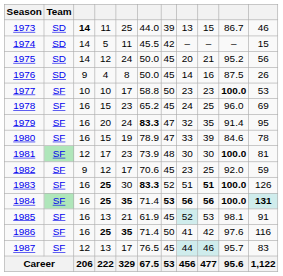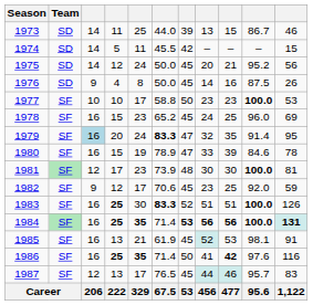 <table class="wikitable" style="text-align:center;">
 <tr>
 <th>Season</th>
 <th>Team</th>
 <th></th>
 <th></th>
 <th></th>
 <th></th>
 <th></th>
 <th></th>
 <th></th>
 <th></th>
 <th></th>
 </tr>
 <tr>
 <td><a href='#'>1973</a></td>
 <td><a href='#'>SD</a></td>
-<td><strong>14</strong></td>
+<td>14</td>
 <td>11</td>
 <td>25</td>
 <td>44.0</td>
 <td>39</td>
 <td>13</td>
 <td>15</td>
 <td>86.7</td>
 <td>46</td>
 </tr>
 <tr>
 <td><a href='#'>1974</a></td>
 <td><a href='#'>SD</a></td>
 <td>14</td>
 <td>5</td>
 <td>11</td>
 <td>45.5</td>
 <td>42</td>
 <td>–</td>
 <td>–</td>
 <td>–</td>
 <td>15</td>
 </tr>
 <tr>
 <td><a href='#'>1975</a></td>
 <td><a href='#'>SD</a></td>
 <td>14</td>
 <td>12</td>
 <td>24</td>
 <td>50.0</td>
 <td>45</td>
 <td>20</td>
 <td>21</td>
 <td>95.2</td>
 <td>56</td>
 </tr>
 <tr>
 <td><a href='#'>1976</a></td>
 <td><a href='#'>SD</a></td>
 <td>9</td>
 <td>4</td>
 <td>8</td>
 <td>50.0</td>
 <td>45</td>
 <td>14</td>
 <td>16</td>
 <td>87.5</td>
 <td>26</td>
 </tr>
 <tr>
 <td><a href='#'>1977</a></td>
 <td><a href='#'>SF</a></td>
 <td>10</td>
 <td>10</td>
 <td>17</td>
 <td>58.8</td>
 <td>50</td>
 <td>23</td>
 <td>23</td>
 <td><strong>100.0</strong></td>
 <td>53</td>
 </tr>
 <tr>
 <td><a href='#'>1978</a></td>
 <td><a href='#'>SF</a></td>
 <td>16</td>
 <td>15</td>
 <td>23</td>
 <td>65.2</td>
 <td>45</td>
 <td>24</td>
 <td>25</td>
 <td>96.0</td>
 <td>69</td>
 </tr>
 <tr>
 <td><a href='#'>1979</a></td>
 <td><a href='#'>SF</a></td>
-<td>16</td>
+<td style="background: lightblue;">16</td>
 <td>20</td>
 <td>24</td>
 <td><strong>83.3</strong></td>
 <td>47</td>
 <td>32</td>
 <td>35</td>
 <td>91.4</td>
 <td>95</td>
 </tr>
 <tr>
 <td><a href='#'>1980</a></td>
 <td><a href='#'>SF</a></td>
 <td>16</td>
 <td>15</td>
 <td>19</td>
 <td>78.9</td>
 <td>47</td>
 <td>33</td>
 <td>39</td>
 <td>84.6</td>
 <td>78</td>
 </tr>
 <tr>
 <td><a href='#'>1981</a></td>
 <td style="background:#afe6ba;"><a href='#'>SF</a></td>
 <td>12</td>
 <td>17</td>
 <td>23</td>
 <td>73.9</td>
 <td>48</td>
 <td>30</td>
 <td>30</td>
 <td><strong>100.0</strong></td>
 <td>81</td>
 </tr>
 <tr>
 <td><a href='#'>1982</a></td>
 <td><a href='#'>SF</a></td>
 <td>9</td>
 <td>12</td>
 <td>17</td>
 <td>70.6</td>
 <td>45</td>
 <td>23</td>
 <td>25</td>
 <td>92.0</td>
 <td>59</td>
 </tr>
 <tr>
 <td><a href='#'>1983</a></td>
 <td><a href='#'>SF</a></td>
 <td>16</td>
 <td><strong>25</strong></td>
 <td>30</td>
 <td><strong>83.3</strong></td>
 <td>52</td>
 <td>51</td>
-<td><strong>51</strong></td>
+<td>51</td>
 <td><strong>100.0</strong></td>
 <td>126</td>
 </tr>
 <tr>
 <td><a href='#'>1984</a></td>
 <td style="background:#afe6ba;"><a href='#'>SF</a></td>
 <td>16</td>
 <td><strong>25</strong></td>
 <td><strong>35</strong></td>
 <td>71.4</td>
 <td><strong>53</strong></td>
 <td><strong>56</strong></td>
 <td><strong>56</strong></td>
 <td><strong>100.0</strong></td>
 <td style="background:#cfecec;"><strong>131</strong></td>
 </tr>
 <tr>
 <td><a href='#'>1985</a></td>
 <td><a href='#'>SF</a></td>
 <td>16</td>
 <td>13</td>
 <td>21</td>
 <td>61.9</td>
 <td>45</td>
 <td style="background:#cfecec;">52</td>
 <td>53</td>
 <td>98.1</td>
 <td>91</td>
 </tr>
 <tr>
 <td><a href='#'>1986</a></td>
 <td><a href='#'>SF</a></td>
 <td>16</td>
 <td><strong>25</strong></td>
 <td><strong>35</strong></td>
 <td>71.4</td>
 <td>50</td>
 <td>41</td>
-<td>42</td>
+<td><strong>42</strong></td>
 <td>97.6</td>
 <td>116</td>
 </tr>
 <tr>
 <td><a href='#'>1987</a></td>
 <td><a href='#'>SF</a></td>
 <td>12</td>
 <td>13</td>
 <td>17</td>
 <td>76.5</td>
 <td>45</td>
 <td style="background:#cfecec;">44</td>
 <td style="background:#cfecec;">46</td>
 <td>95.7</td>
 <td>83</td>
 </tr>
 <tr>
 <th colspan="2">Career</th>
 <th>206</th>
 <th>222</th>
 <th>329</th>
 <th>67.5</th>
 <th>53</th>
 <th>456</th>
 <th>477</th>
 <th>95.6</th>
 <th>1,122</th>
 </tr>
 </table>
